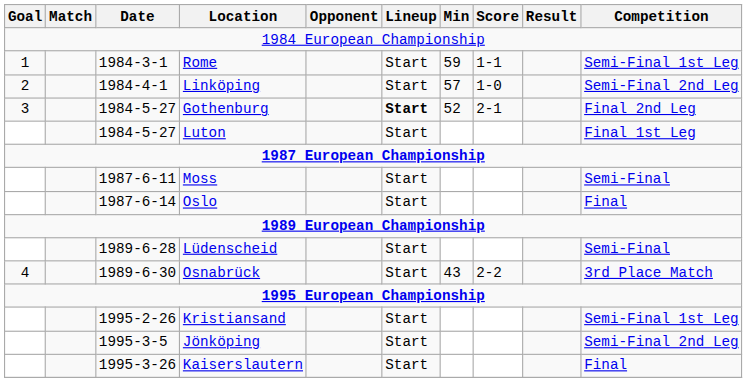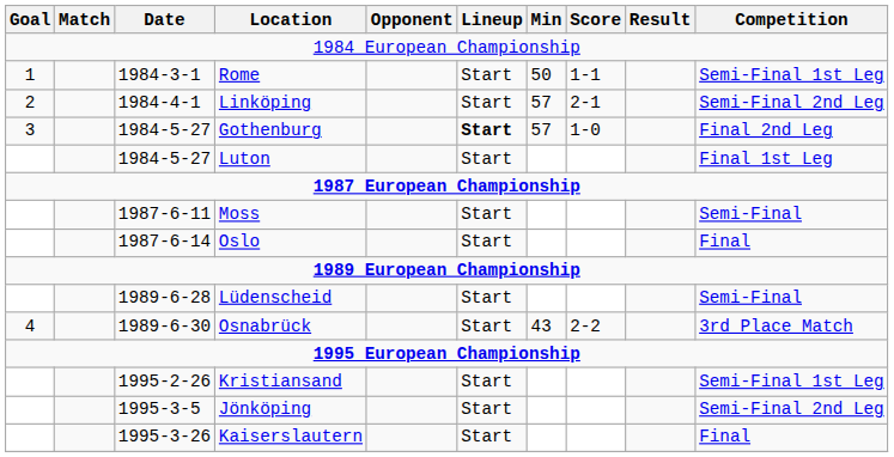 <table class="wikitable collapsible" style="fontsize:90%;">
 <tr>
 <th>Goal</th>
 <th>Match</th>
 <th>Date</th>
 <th>Location</th>
 <th>Opponent</th>
 <th>Lineup</th>
 <th>Min</th>
 <th>Score</th>
 <th>Result</th>
 <th>Competition</th>
 </tr>
 <tr>
 <td colspan=10 align=center><a href='#'>1984 European Championship</a></td>
 </tr>
 <tr>
 <td align=center>1</td>
 <td></td>
 <td>1984-3-1</td>
 <td><a href='#'>Rome</a></td>
 <td></td>
 <td>Start</td>
-<td>59</td>
+<td>50</td>
 <td>1-1</td>
 <td></td>
 <td><a href='#'>Semi-Final 1st Leg</a></td>
 </tr>
 <tr>
 <td align=center>2</td>
 <td></td>
 <td>1984-4-1</td>
 <td><a href='#'>Linköping</a></td>
 <td></td>
 <td>Start</td>
 <td>57</td>
-<td>1-0</td>
+<td>2-1</td>
 <td></td>
 <td><a href='#'>Semi-Final 2nd Leg</a></td>
 </tr>
 <tr>
 <td align=center>3</td>
 <td></td>
 <td>1984-5-27</td>
 <td><a href='#'>Gothenburg</a></td>
 <td></td>
 <td><strong>Start</strong></td>
-<td>52</td>
-<td>2-1</td>
+<td>57</td>
+<td>1-0</td>
 <td></td>
 <td><a href='#'>Final 2nd Leg</a></td>
 </tr>
 <tr>
 <td style="background:white;"></td>
 <td></td>
 <td>1984-5-27</td>
 <td><a href='#'>Luton</a></td>
 <td></td>
 <td>Start</td>
 <td style="background:white;"></td>
 <td style="background:white;"></td>
 <td></td>
 <td><a href='#'>Final 1st Leg</a></td>
 </tr>
 <tr>
 <td colspan=10 align=center> <strong><a href='#'>1987 European Championship</a></strong></td>
 </tr>
 <tr>
 <td style="background:white;"></td>
 <td></td>
 <td>1987-6-11</td>
 <td><a href='#'>Moss</a></td>
 <td></td>
 <td>Start</td>
 <td style="background:white;"></td>
 <td style="background:white;"></td>
 <td></td>
 <td><a href='#'>Semi-Final</a></td>
 </tr>
 <tr>
 <td style="background:white;"></td>
 <td></td>
 <td>1987-6-14</td>
 <td><a href='#'>Oslo</a></td>
 <td></td>
 <td>Start</td>
 <td style="background:white;"></td>
 <td style="background:white;"></td>
 <td></td>
 <td><a href='#'>Final</a></td>
 </tr>
 <tr>
 <td colspan=10 align=center> <strong><a href='#'>1989 European Championship</a></strong></td>
 </tr>
 <tr>
 <td style="background:white;"></td>
 <td></td>
 <td>1989-6-28</td>
 <td><a href='#'>Lüdenscheid</a></td>
 <td></td>
 <td>Start</td>
 <td style="background:white;"></td>
 <td style="background:white;"></td>
 <td></td>
 <td><a href='#'>Semi-Final</a></td>
 </tr>
 <tr>
 <td align=center>4</td>
 <td></td>
 <td>1989-6-30</td>
 <td><a href='#'>Osnabrück</a></td>
 <td></td>
 <td>Start</td>
 <td>43</td>
 <td>2-2</td>
 <td></td>
 <td><a href='#'>3rd Place Match</a></td>
 </tr>
 <tr>
 <td colspan=10 align=center><strong><a href='#'>1995 European Championship</a></strong></td>
 </tr>
 <tr>
 <td style="background:white;"></td>
 <td></td>
 <td>1995-2-26</td>
 <td><a href='#'>Kristiansand</a></td>
 <td></td>
 <td>Start</td>
 <td style="background:white;"></td>
 <td style="background:white;"></td>
 <td></td>
 <td><a href='#'>Semi-Final 1st Leg</a></td>
 </tr>
 <tr>
 <td style="background:white;"></td>
 <td></td>
 <td>1995-3-5</td>
 <td><a href='#'>Jönköping</a></td>
 <td></td>
 <td>Start</td>
 <td style="background:white;"></td>
 <td style="background:white;"></td>
 <td></td>
 <td><a href='#'>Semi-Final 2nd Leg</a></td>
 </tr>
 <tr>
 <td style="background:white;"></td>
 <td></td>
 <td>1995-3-26</td>
 <td><a href='#'>Kaiserslautern</a></td>
 <td></td>
 <td>Start</td>
 <td style="background:white;"></td>
 <td style="background:white;"></td>
 <td></td>
 <td><a href='#'>Final</a></td>
 </tr>
 <tr>
 </tr>
 </table>
